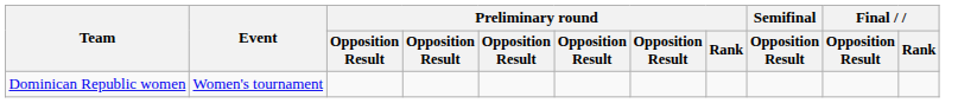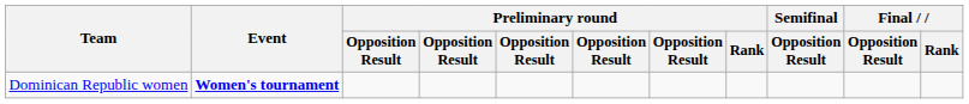 <table class=wikitable style=font-size:90%;text-align:center>
 <tr>
 <th rowspan=2>Team</th>
 <th rowspan=2>Event</th>
 <th colspan=6>Preliminary round</th>
 <th>Semifinal</th>
 <th colspan=2>Final /  / </th>
 </tr>
 <tr style=font-size:95%>
 <th>Opposition<br>Result</th>
 <th>Opposition<br>Result</th>
 <th>Opposition<br>Result</th>
 <th>Opposition<br>Result</th>
 <th>Opposition<br>Result</th>
 <th>Rank</th>
 <th>Opposition<br>Result</th>
 <th>Opposition<br>Result</th>
 <th>Rank</th>
 </tr>
 <tr>
 <td align=left><a href='#'>Dominican Republic women</a></td>
-<td align=left><a href='#'>Women's tournament</a></td>
+<td align=left><strong><a href='#'>Women's tournament</a></strong></td>
 <td></td>
 <td></td>
 <td></td>
 <td></td>
 <td></td>
 <td></td>
 <td></td>
 <td></td>
 <td></td>
 </tr>
 </table>
